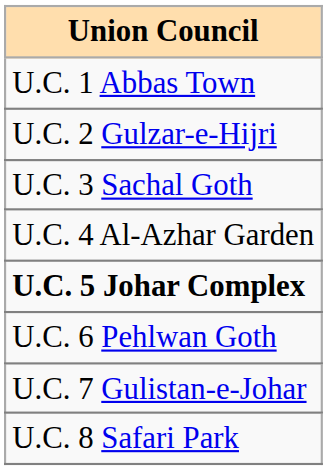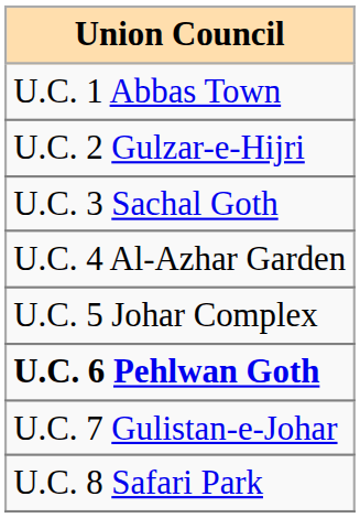 <table class="sortable wikitable" align="left" style="font-size:90%">
 <tr>
 <th style="background:#ffdead;"><strong>Union Council</strong></th>
 </tr>
 <tr>
 <td style="border-bottom:1px solid grey;">U.C. 1 <a href='#'>Abbas Town</a></td>
 </tr>
 <tr>
 <td style="border-bottom:1px solid grey;">U.C. 2 <a href='#'>Gulzar-e-Hijri</a></td>
 </tr>
 <tr>
 <td style="border-bottom:1px solid grey;">U.C. 3 <a href='#'>Sachal Goth</a></td>
 </tr>
 <tr>
 <td style="border-bottom:1px solid grey;">U.C. 4 Al-Azhar Garden</td>
 </tr>
 <tr>
-<td style="border-bottom:1px solid grey;"><strong>U.C. 5 Johar Complex</strong></td>
+<td style="border-bottom:1px solid grey;">U.C. 5 Johar Complex</td>
 </tr>
 <tr>
-<td style="border-bottom:1px solid grey;">U.C. 6 <a href='#'>Pehlwan Goth</a></td>
+<td style="border-bottom:1px solid grey;"><strong>U.C. 6 <a href='#'>Pehlwan Goth</a></strong></td>
 </tr>
 <tr>
 <td style="border-bottom:1px solid grey;">U.C. 7 <a href='#'>Gulistan-e-Johar</a></td>
 </tr>
 <tr>
 <td style="border-bottom:1px solid grey;">U.C. 8 <a href='#'>Safari Park</a></td>
 </tr>
 </table>
